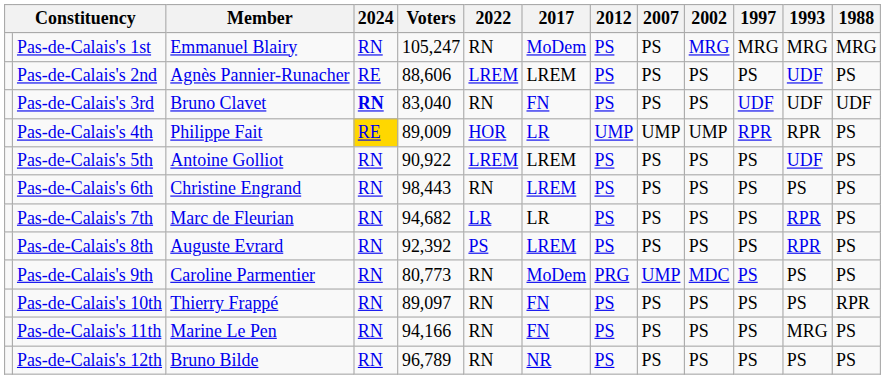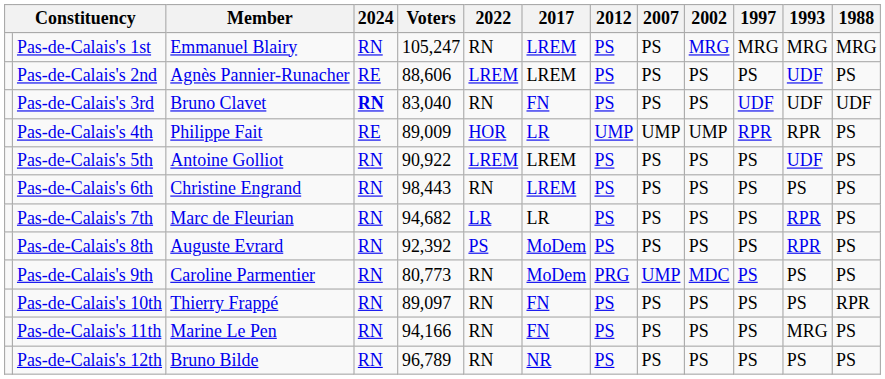 <table class="wikitable sortable">
 <tr>
 <th colspan="2">Constituency</th>
 <th>Member</th>
 <th>2024</th>
 <th>Voters</th>
 <th>2022</th>
 <th>2017</th>
 <th>2012</th>
 <th>2007</th>
 <th>2002</th>
 <th>1997</th>
 <th>1993</th>
 <th>1988</th>
 </tr>
 <tr>
 <td style="background-color: "></td>
 <td><a href='#'>Pas-de-Calais's 1st</a></td>
 <td><a href='#'>Emmanuel Blairy</a></td>
 <td><a href='#'>RN</a></td>
 <td>105,247</td>
 <td>RN</td>
-<td><a href='#'>MoDem</a></td>
+<td><a href='#'>LREM</a></td>
 <td><a href='#'>PS</a></td>
 <td>PS</td>
 <td><a href='#'>MRG</a></td>
 <td>MRG</td>
 <td>MRG</td>
 <td>MRG</td>
 </tr>
 <tr>
 <td style="background-color: "></td>
 <td><a href='#'>Pas-de-Calais's 2nd</a></td>
 <td><a href='#'>Agnès Pannier-Runacher</a></td>
 <td><a href='#'>RE</a></td>
 <td>88,606</td>
 <td><a href='#'>LREM</a></td>
 <td>LREM</td>
 <td><a href='#'>PS</a></td>
 <td>PS</td>
 <td>PS</td>
 <td>PS</td>
 <td><a href='#'>UDF</a></td>
 <td>PS</td>
 </tr>
 <tr>
 <td style="background-color: "></td>
 <td><a href='#'>Pas-de-Calais's 3rd</a></td>
 <td><a href='#'>Bruno Clavet</a></td>
 <td><strong><a href='#'>RN</a></strong></td>
 <td>83,040</td>
 <td>RN</td>
 <td><a href='#'>FN</a></td>
 <td><a href='#'>PS</a></td>
 <td>PS</td>
 <td>PS</td>
 <td><a href='#'>UDF</a></td>
 <td>UDF</td>
 <td>UDF</td>
 </tr>
 <tr>
 <td style="background-color: "></td>
 <td><a href='#'>Pas-de-Calais's 4th</a></td>
 <td><a href='#'>Philippe Fait</a></td>
-<td style="background: gold;"><a href='#'>RE</a></td>
+<td><a href='#'>RE</a></td>
 <td>89,009</td>
 <td><a href='#'>HOR</a></td>
 <td><a href='#'>LR</a></td>
 <td><a href='#'>UMP</a></td>
 <td>UMP</td>
 <td>UMP</td>
 <td><a href='#'>RPR</a></td>
 <td>RPR</td>
 <td>PS</td>
 </tr>
 <tr>
 <td style="background-color: "></td>
 <td><a href='#'>Pas-de-Calais's 5th</a></td>
 <td><a href='#'>Antoine Golliot</a></td>
 <td><a href='#'>RN</a></td>
 <td>90,922</td>
 <td><a href='#'>LREM</a></td>
 <td>LREM</td>
 <td><a href='#'>PS</a></td>
 <td>PS</td>
 <td>PS</td>
 <td>PS</td>
 <td><a href='#'>UDF</a></td>
 <td>PS</td>
 </tr>
 <tr>
 <td style="background-color: "></td>
 <td><a href='#'>Pas-de-Calais's 6th</a></td>
 <td><a href='#'>Christine Engrand</a></td>
 <td><a href='#'>RN</a></td>
 <td>98,443</td>
 <td>RN</td>
 <td><a href='#'>LREM</a></td>
 <td><a href='#'>PS</a></td>
 <td>PS</td>
 <td>PS</td>
 <td>PS</td>
 <td>PS</td>
 <td>PS</td>
 </tr>
 <tr>
 <td style="background-color: "></td>
 <td><a href='#'>Pas-de-Calais's 7th</a></td>
 <td><a href='#'>Marc de Fleurian</a></td>
 <td><a href='#'>RN</a></td>
 <td>94,682</td>
 <td><a href='#'>LR</a></td>
 <td>LR</td>
 <td><a href='#'>PS</a></td>
 <td>PS</td>
 <td>PS</td>
 <td>PS</td>
 <td><a href='#'>RPR</a></td>
 <td>PS</td>
 </tr>
 <tr>
 <td style="background-color: "></td>
 <td><a href='#'>Pas-de-Calais's 8th</a></td>
 <td><a href='#'>Auguste Evrard</a></td>
 <td><a href='#'>RN</a></td>
 <td>92,392</td>
 <td><a href='#'>PS</a></td>
-<td><a href='#'>LREM</a></td>
+<td><a href='#'>MoDem</a></td>
 <td><a href='#'>PS</a></td>
 <td>PS</td>
 <td>PS</td>
 <td>PS</td>
 <td><a href='#'>RPR</a></td>
 <td>PS</td>
 </tr>
 <tr>
 <td style="background-color: "></td>
 <td><a href='#'>Pas-de-Calais's 9th</a></td>
 <td><a href='#'>Caroline Parmentier</a></td>
 <td><a href='#'>RN</a></td>
 <td>80,773</td>
 <td>RN</td>
 <td><a href='#'>MoDem</a></td>
 <td><a href='#'>PRG</a></td>
 <td><a href='#'>UMP</a></td>
 <td><a href='#'>MDC</a></td>
 <td><a href='#'>PS</a></td>
 <td>PS</td>
 <td>PS</td>
 </tr>
 <tr>
 <td style="background-color: "></td>
 <td><a href='#'>Pas-de-Calais's 10th</a></td>
 <td><a href='#'>Thierry Frappé</a></td>
 <td><a href='#'>RN</a></td>
 <td>89,097</td>
 <td>RN</td>
 <td><a href='#'>FN</a></td>
 <td><a href='#'>PS</a></td>
 <td>PS</td>
 <td>PS</td>
 <td>PS</td>
 <td>PS</td>
 <td>RPR</td>
 </tr>
 <tr>
 <td style="background-color: "></td>
 <td><a href='#'>Pas-de-Calais's 11th</a></td>
 <td><a href='#'>Marine Le Pen</a></td>
 <td><a href='#'>RN</a></td>
 <td>94,166</td>
 <td>RN</td>
 <td><a href='#'>FN</a></td>
 <td><a href='#'>PS</a></td>
 <td>PS</td>
 <td>PS</td>
 <td>PS</td>
 <td>MRG</td>
 <td>PS</td>
 </tr>
 <tr>
 <td style="background-color: "></td>
 <td><a href='#'>Pas-de-Calais's 12th</a></td>
 <td><a href='#'>Bruno Bilde</a></td>
 <td><a href='#'>RN</a></td>
 <td>96,789</td>
 <td>RN</td>
 <td><a href='#'>NR</a></td>
 <td><a href='#'>PS</a></td>
 <td>PS</td>
 <td>PS</td>
 <td>PS</td>
 <td>PS</td>
 <td>PS</td>
 </tr>
 </table>
